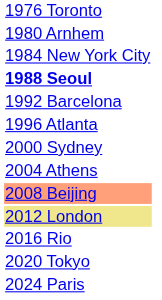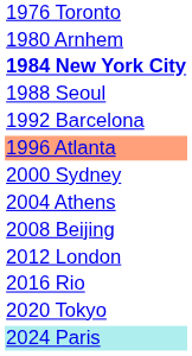 <table>
 <tr>
 <td><a href='#'>1976 Toronto</a></td>
 <td></td>
 <td></td>
 <td></td>
 </tr>
 <tr>
 <td><a href='#'>1980 Arnhem</a></td>
 <td></td>
 <td></td>
 <td></td>
 </tr>
 <tr>
-<td><a href='#'>1984 New York City</a></td>
+<td><strong><a href='#'>1984 New York City</a></strong></td>
 <td></td>
 <td></td>
 <td></td>
 </tr>
 <tr>
-<td><strong><a href='#'>1988 Seoul</a></strong></td>
+<td><a href='#'>1988 Seoul</a></td>
 <td></td>
 <td></td>
 <td></td>
 </tr>
 <tr>
 <td><a href='#'>1992 Barcelona</a></td>
 <td></td>
 <td></td>
 <td></td>
 </tr>
 <tr>
-<td><a href='#'>1996 Atlanta</a></td>
+<td style="background: lightsalmon;"><a href='#'>1996 Atlanta</a></td>
 <td></td>
 <td></td>
 <td></td>
 </tr>
 <tr>
 <td><a href='#'>2000 Sydney</a></td>
 <td></td>
 <td></td>
 <td></td>
 </tr>
 <tr>
 <td><a href='#'>2004 Athens</a></td>
 <td></td>
 <td></td>
 <td></td>
 </tr>
 <tr>
-<td style="background: lightsalmon;"><a href='#'>2008 Beijing</a></td>
+<td><a href='#'>2008 Beijing</a></td>
 <td></td>
 <td></td>
 <td></td>
 </tr>
 <tr>
-<td style="background: khaki;"><a href='#'>2012 London</a></td>
+<td><a href='#'>2012 London</a></td>
 <td></td>
 <td></td>
 <td></td>
 </tr>
 <tr>
 <td><a href='#'>2016 Rio</a></td>
 <td></td>
 <td></td>
 <td></td>
 </tr>
 <tr>
 <td><a href='#'>2020 Tokyo</a></td>
 <td></td>
 <td></td>
 <td></td>
 </tr>
 <tr>
-<td><a href='#'>2024 Paris</a></td>
+<td style="background: paleturquoise;"><a href='#'>2024 Paris</a></td>
 <td></td>
 <td></td>
 <td></td>
 </tr>
 </table>
